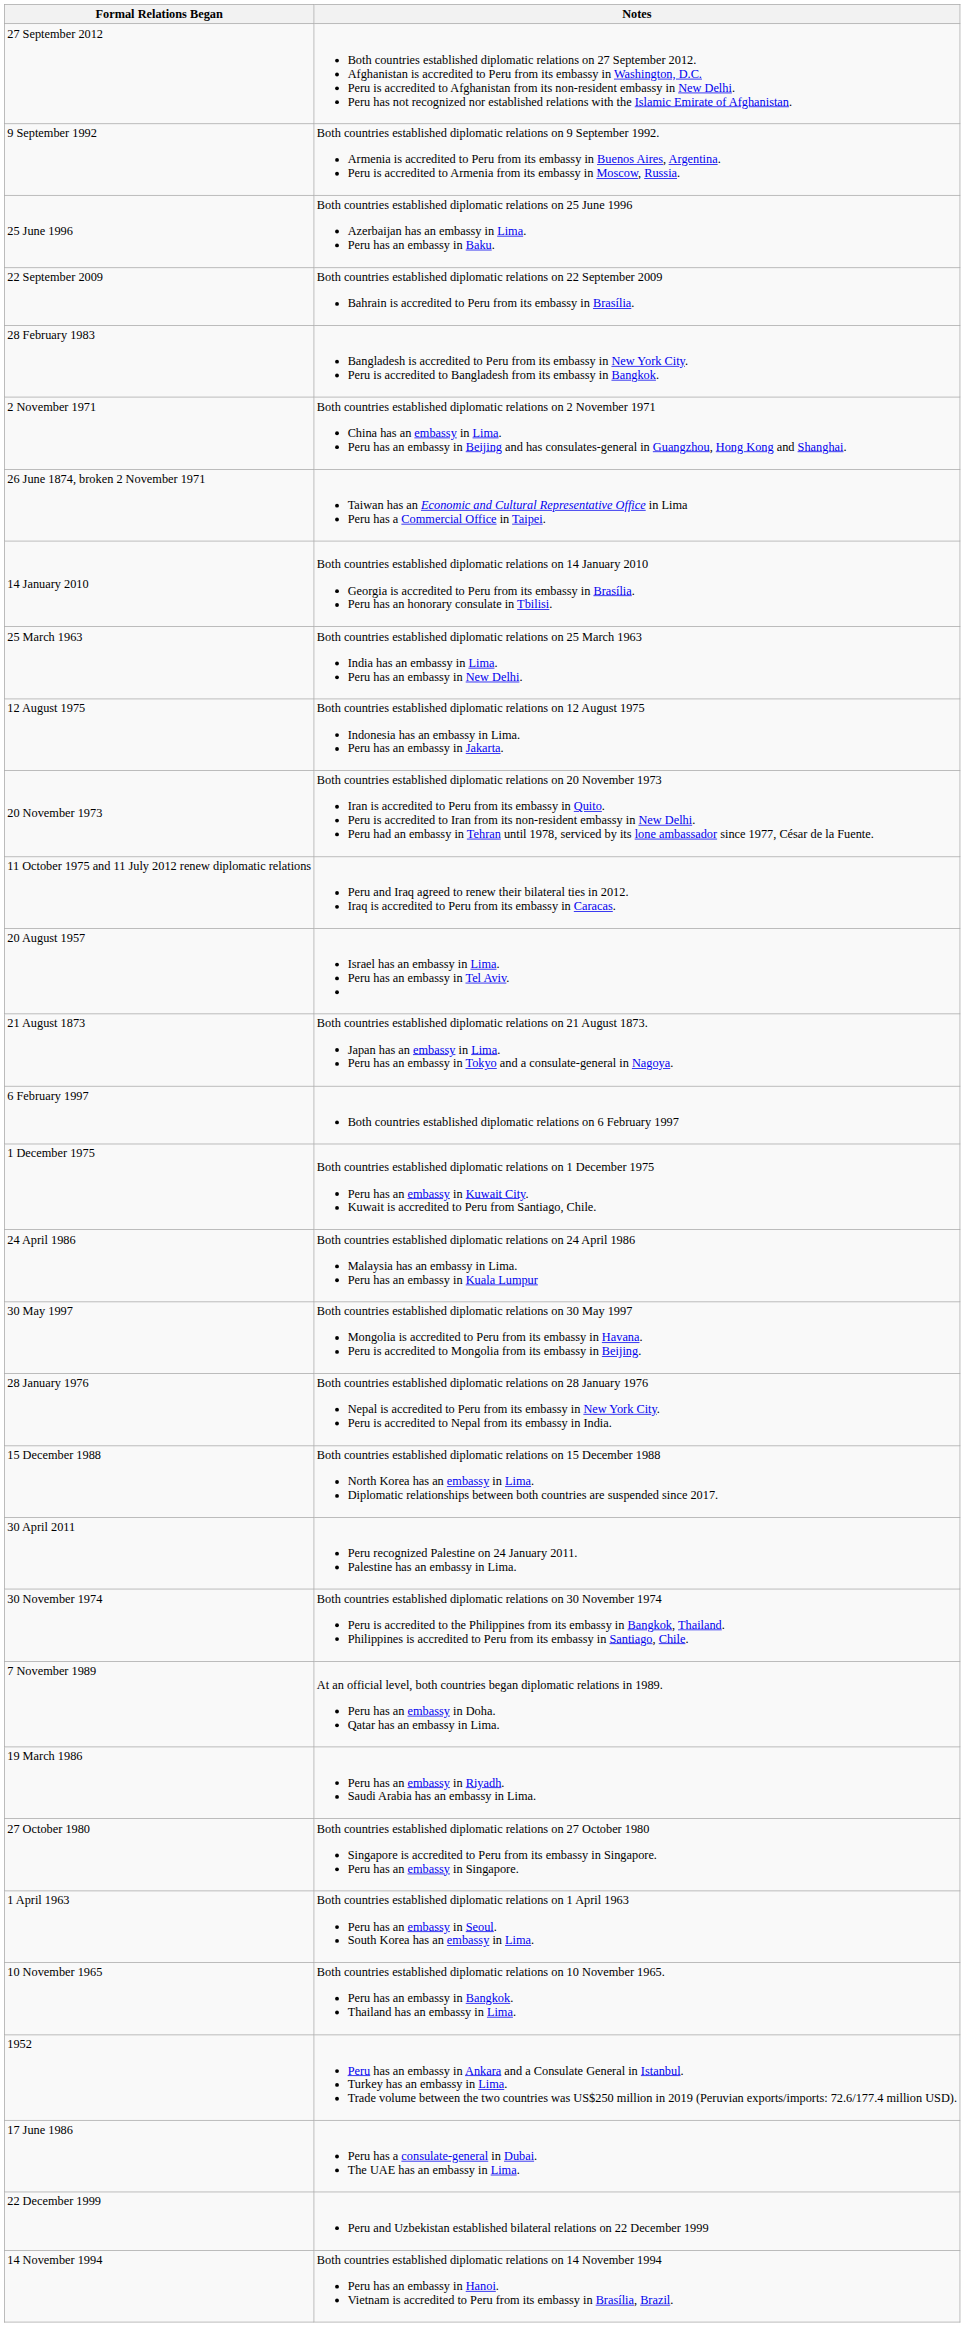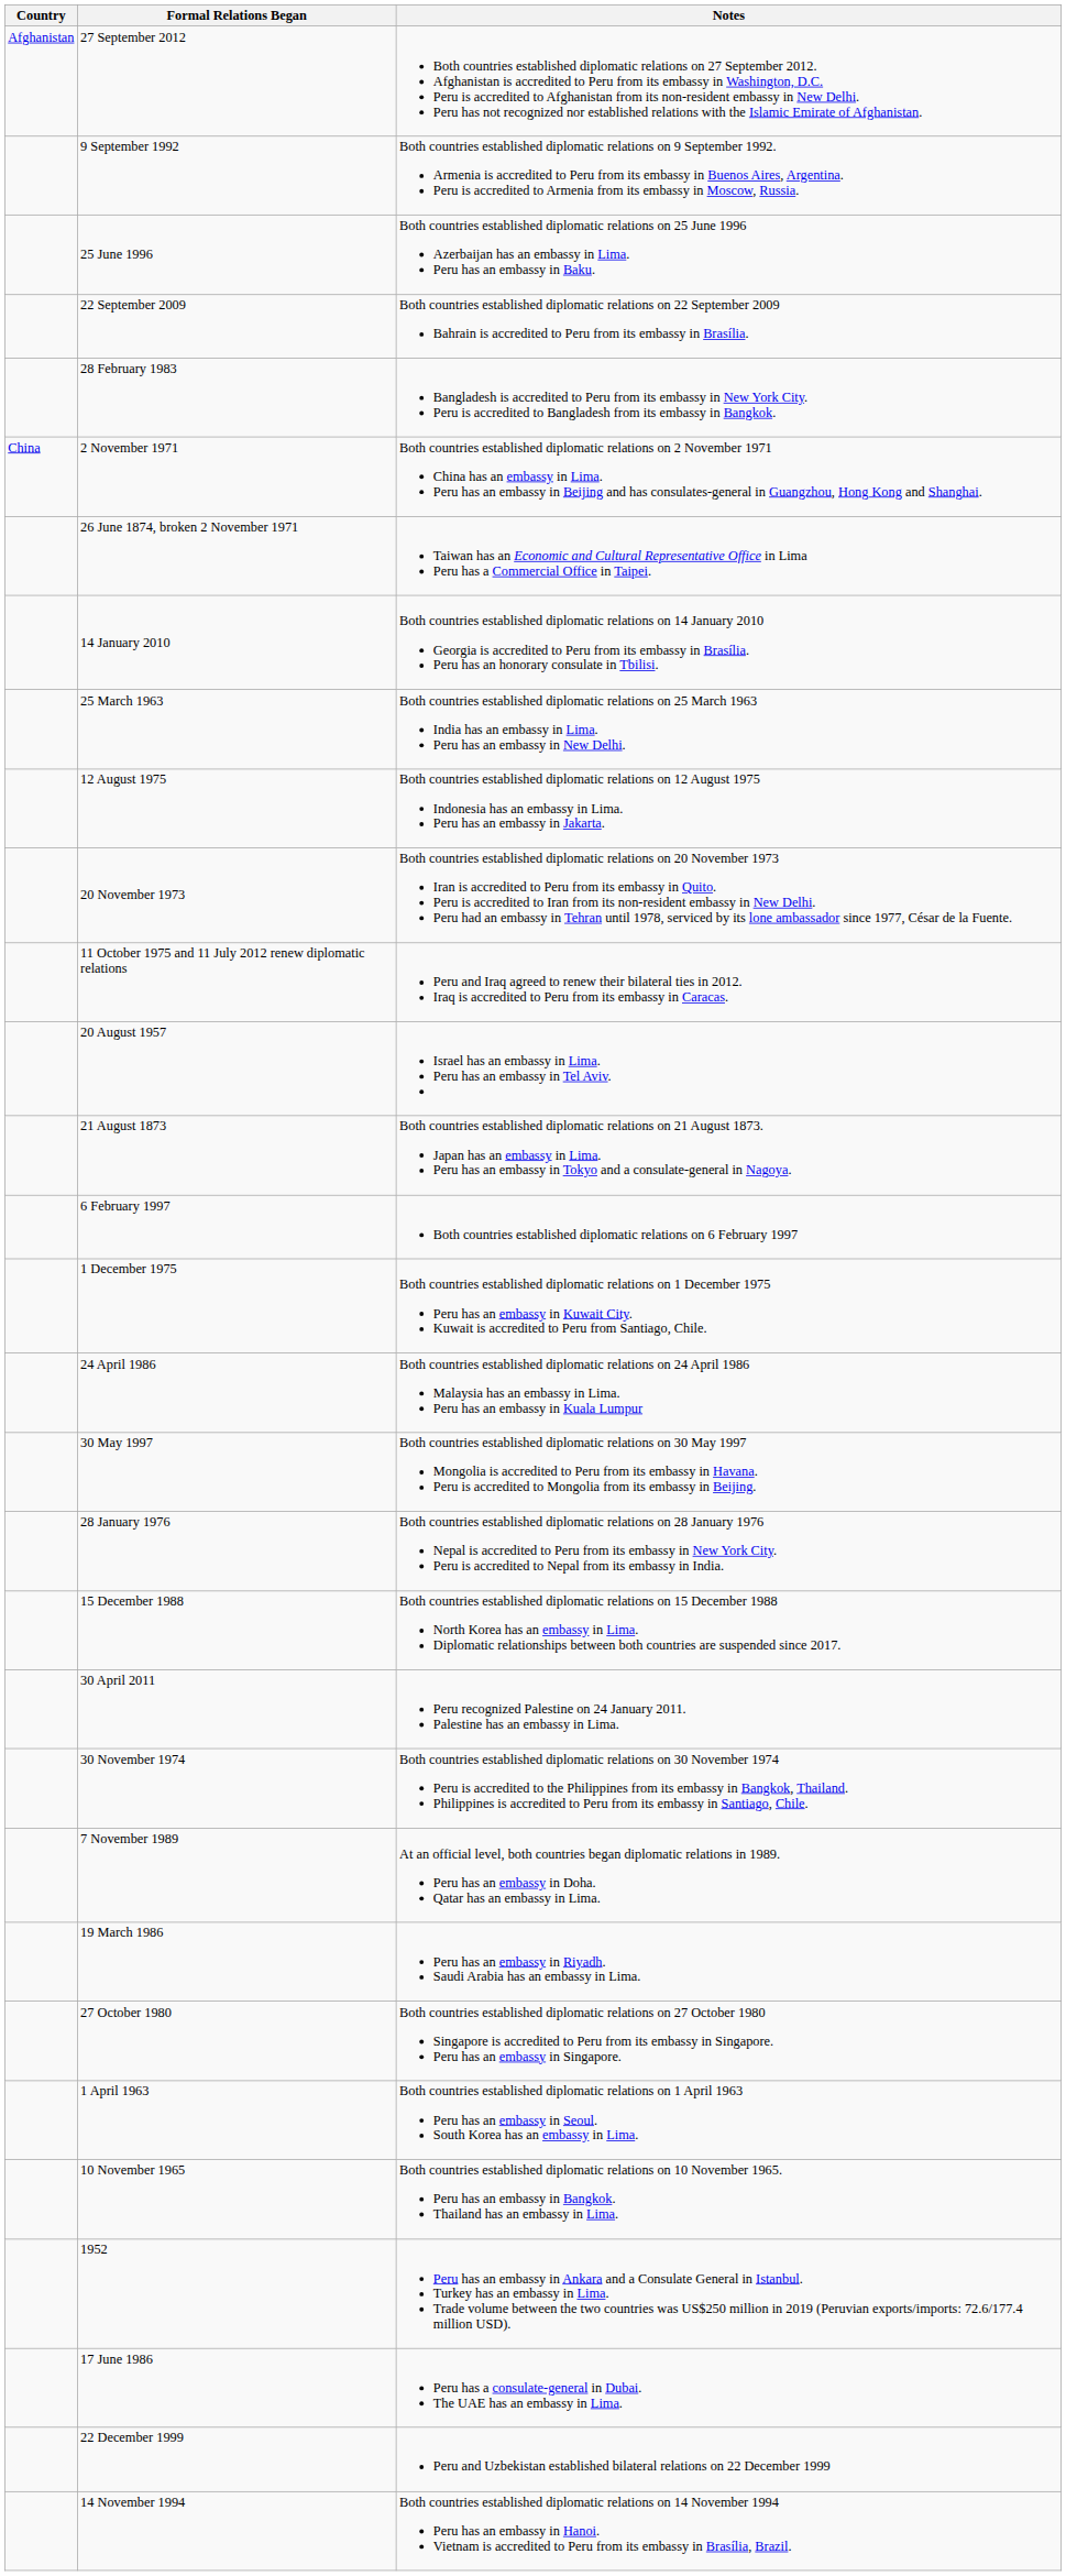 <table class="wikitable sortable">
 <tr>
+<th>Country</th>
 <th>Formal Relations Began</th>
 <th>Notes</th>
 </tr>
 <tr valign="top">
+<td> <a href='#'>Afghanistan</a></td>
 <td>27 September 2012</td>
 <td><br><ul><li>Both countries established diplomatic relations on 27 September 2012.</li><li>Afghanistan is accredited to Peru from its embassy in <a href='#'>Washington, D.C.</a></li><li>Peru is accredited to Afghanistan from its non-resident embassy in <a href='#'>New Delhi</a>.</li><li>Peru has not recognized nor established relations with the <a href='#'>Islamic Emirate of Afghanistan</a>.</li></ul></td>
 </tr>
 <tr valign="top">
+<td></td>
 <td>9 September 1992</td>
 <td>Both countries established diplomatic relations on 9 September 1992.<br><ul><li>Armenia is accredited to Peru from its embassy in <a href='#'>Buenos Aires</a>, <a href='#'>Argentina</a>.</li><li>Peru is accredited to Armenia from its embassy in <a href='#'>Moscow</a>, <a href='#'>Russia</a>.</li></ul></td>
 </tr>
 <tr>
+<td></td>
 <td>25 June 1996</td>
 <td>Both countries established diplomatic relations on 25 June 1996<br><ul><li>Azerbaijan has an embassy in <a href='#'>Lima</a>.</li><li>Peru has an embassy in <a href='#'>Baku</a>.</li></ul></td>
 </tr>
 <tr valign="top">
+<td></td>
 <td>22 September 2009</td>
 <td>Both countries established diplomatic relations on 22 September 2009<br><ul><li>Bahrain is accredited to Peru from its embassy in <a href='#'>Brasília</a>.</li></ul></td>
 </tr>
 <tr valign="top">
+<td></td>
 <td>28 February 1983</td>
 <td><br><ul><li>Bangladesh is accredited to Peru from its embassy in <a href='#'>New York City</a>.</li><li>Peru is accredited to Bangladesh from its embassy in <a href='#'>Bangkok</a>.</li></ul></td>
 </tr>
 <tr valign="top">
+<td> <a href='#'>China</a></td>
 <td>2 November 1971</td>
 <td>Both countries established diplomatic relations on 2 November 1971<br><ul><li>China has an <a href='#'>embassy</a> in <a href='#'>Lima</a>.</li><li>Peru has an embassy in <a href='#'>Beijing</a> and has consulates-general in <a href='#'>Guangzhou</a>, <a href='#'>Hong Kong</a> and <a href='#'>Shanghai</a>.</li></ul></td>
 </tr>
 <tr valign="top">
+<td></td>
 <td>26 June 1874, broken 2 November 1971</td>
 <td><br><ul><li>Taiwan has an <em><a href='#'>Economic and Cultural Representative Office</a></em> in Lima</li><li>Peru has a <a href='#'>Commercial Office</a> in <a href='#'>Taipei</a>.</li></ul></td>
 </tr>
 <tr>
+<td></td>
 <td>14 January 2010</td>
 <td><br> Both countries established diplomatic relations on 14 January 2010<ul><li>Georgia is accredited to Peru from its embassy in <a href='#'>Brasília</a>.</li><li>Peru has an honorary consulate in <a href='#'>Tbilisi</a>.</li></ul></td>
 </tr>
 <tr valign="top">
+<td></td>
 <td>25 March 1963</td>
 <td>Both countries established diplomatic relations on 25 March 1963<br><ul><li>India has an embassy in <a href='#'>Lima</a>.</li><li>Peru has an embassy in <a href='#'>New Delhi</a>.</li></ul></td>
 </tr>
 <tr valign="top">
+<td></td>
 <td>12 August 1975</td>
 <td>Both countries established diplomatic relations on 12 August 1975<br><ul><li>Indonesia has an embassy in Lima.</li><li>Peru has an embassy in <a href='#'>Jakarta</a>.</li></ul></td>
 </tr>
 <tr id="Iran">
+<td></td>
 <td>20 November 1973</td>
 <td>Both countries established diplomatic relations on 20 November 1973<br><ul><li>Iran is accredited to Peru from its embassy in <a href='#'>Quito</a>.</li><li>Peru is accredited to Iran from its non-resident embassy in <a href='#'>New Delhi</a>.</li><li>Peru had an embassy in <a href='#'>Tehran</a> until 1978, serviced by its <a href='#'>lone ambassador</a> since 1977, César de la Fuente.</li></ul></td>
 </tr>
 <tr valign="top">
+<td></td>
 <td>11 October 1975 and 11 July 2012 renew diplomatic relations</td>
 <td><br><ul><li>Peru and Iraq agreed to renew their bilateral ties in 2012.</li><li>Iraq is accredited to Peru from its embassy in <a href='#'>Caracas</a>.</li></ul></td>
 </tr>
 <tr valign="top">
+<td></td>
 <td>20 August 1957</td>
 <td><br><ul><li>Israel has an embassy in <a href='#'>Lima</a>.</li><li>Peru has an embassy in <a href='#'>Tel Aviv</a>.</li><li></li></ul></td>
 </tr>
 <tr valign="top">
+<td></td>
 <td>21 August 1873</td>
 <td>Both countries established diplomatic relations on 21 August 1873.<br><ul><li>Japan has an <a href='#'>embassy</a> in <a href='#'>Lima</a>.</li><li>Peru has an embassy in <a href='#'>Tokyo</a> and a consulate-general in <a href='#'>Nagoya</a>.</li></ul></td>
 </tr>
 <tr valign="top">
+<td></td>
 <td>6 February 1997</td>
 <td><br><ul><li>Both countries established diplomatic relations on 6 February 1997</li></ul></td>
 </tr>
 <tr valign="top">
+<td></td>
 <td>1 December 1975</td>
 <td><br>Both countries established diplomatic relations on 1 December 1975<ul><li>Peru has an <a href='#'>embassy</a> in <a href='#'>Kuwait City</a>.</li><li>Kuwait is accredited to Peru from Santiago, Chile.</li></ul></td>
 </tr>
 <tr valign="top">
+<td></td>
 <td>24 April 1986</td>
 <td>Both countries established diplomatic relations on 24 April 1986<br><ul><li>Malaysia has an embassy in Lima.</li><li>Peru has an embassy in <a href='#'>Kuala Lumpur</a></li></ul></td>
 </tr>
 <tr valign="top">
+<td></td>
 <td>30 May 1997</td>
 <td>Both countries established diplomatic relations on 30 May 1997<br><ul><li>Mongolia is accredited to Peru from its embassy in <a href='#'>Havana</a>.</li><li>Peru is accredited to Mongolia from its embassy in <a href='#'>Beijing</a>.</li></ul></td>
 </tr>
 <tr valign="top">
+<td></td>
 <td>28 January 1976</td>
 <td>Both countries established diplomatic relations on 28 January 1976<br><ul><li>Nepal is accredited to Peru from its embassy in <a href='#'>New York City</a>.</li><li>Peru is accredited to Nepal from its embassy in India.</li></ul></td>
 </tr>
 <tr valign="top">
+<td></td>
 <td>15 December 1988</td>
 <td>Both countries established diplomatic relations on 15 December 1988<br><ul><li>North Korea has an <a href='#'>embassy</a> in <a href='#'>Lima</a>.</li><li>Diplomatic relationships between both countries are suspended since 2017.</li></ul></td>
 </tr>
 <tr valign="top">
+<td></td>
 <td>30 April 2011</td>
 <td><br><ul><li>Peru recognized Palestine on 24 January 2011.</li><li>Palestine has an embassy in Lima.</li></ul></td>
 </tr>
 <tr valign="top">
+<td></td>
 <td>30 November 1974</td>
 <td>Both countries established diplomatic relations on 30 November 1974<br><ul><li>Peru is accredited to the Philippines from its embassy in <a href='#'>Bangkok</a>, <a href='#'>Thailand</a>.</li><li>Philippines is accredited to Peru from its embassy in <a href='#'>Santiago</a>, <a href='#'>Chile</a>.</li></ul></td>
 </tr>
 <tr valign="top">
+<td></td>
 <td>7 November 1989</td>
 <td><br>At an official level, both countries began diplomatic relations in 1989.<ul><li>Peru has an <a href='#'>embassy</a> in Doha.</li><li>Qatar has an embassy in Lima.</li></ul></td>
 </tr>
 <tr valign="top">
+<td></td>
 <td>19 March 1986</td>
 <td><br><ul><li>Peru has an <a href='#'>embassy</a> in <a href='#'>Riyadh</a>.</li><li>Saudi Arabia has an embassy in Lima.</li></ul></td>
 </tr>
 <tr valign="top">
+<td></td>
 <td>27 October 1980</td>
 <td>Both countries established diplomatic relations on 27 October 1980<br><ul><li>Singapore is accredited to Peru from its embassy in Singapore.</li><li>Peru has an <a href='#'>embassy</a> in Singapore.</li></ul></td>
 </tr>
 <tr valign="top">
+<td></td>
 <td>1 April 1963</td>
 <td>Both countries established diplomatic relations on 1 April 1963<br><ul><li>Peru has an <a href='#'>embassy</a> in <a href='#'>Seoul</a>.</li><li>South Korea has an <a href='#'>embassy</a> in <a href='#'>Lima</a>.</li></ul></td>
 </tr>
 <tr valign="top">
+<td></td>
 <td>10 November 1965</td>
 <td>Both countries established diplomatic relations on 10 November 1965.<br><ul><li>Peru has an embassy in <a href='#'>Bangkok</a>.</li><li>Thailand has an embassy in <a href='#'>Lima</a>.</li></ul></td>
 </tr>
 <tr valign="top">
+<td></td>
 <td>1952</td>
 <td><br><ul><li><a href='#'>Peru</a> has an embassy in <a href='#'>Ankara</a> and a Consulate General in <a href='#'>Istanbul</a>.</li><li>Turkey has an embassy in <a href='#'>Lima</a>.</li><li>Trade volume between the two countries was US$250 million in 2019 (Peruvian exports/imports: 72.6/177.4 million USD).</li></ul></td>
 </tr>
 <tr valign="top">
+<td></td>
 <td>17 June 1986</td>
 <td><br><ul><li>Peru has a <a href='#'>consulate-general</a> in <a href='#'>Dubai</a>.</li><li>The UAE has an embassy in <a href='#'>Lima</a>.</li></ul></td>
 </tr>
 <tr valign="top">
+<td></td>
 <td>22 December 1999</td>
 <td><br><ul><li>Peru and Uzbekistan established bilateral relations on 22 December 1999</li></ul></td>
 </tr>
 <tr valign="top">
+<td></td>
 <td>14 November 1994</td>
 <td>Both countries established diplomatic relations on 14 November 1994<br><ul><li>Peru has an embassy in <a href='#'>Hanoi</a>.</li><li>Vietnam is accredited to Peru from its embassy in <a href='#'>Brasília</a>, <a href='#'>Brazil</a>.</li></ul></td>
 </tr>
 </table>
